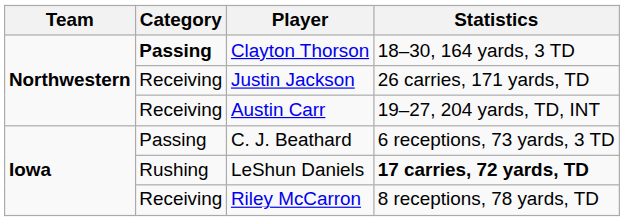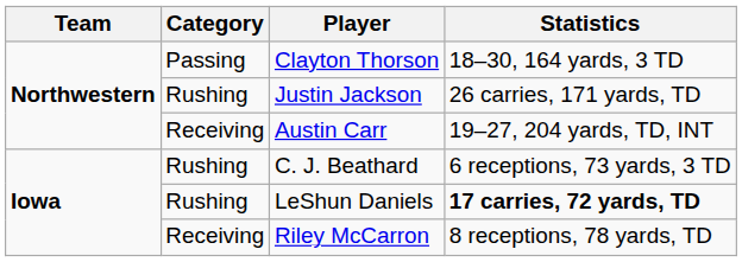 <table class="wikitable" style="float: left;">
 <tr>
 <th>Team</th>
 <th>Category</th>
 <th>Player</th>
 <th>Statistics</th>
 </tr>
 <tr>
 <td rowspan=3><strong>Northwestern</strong></td>
-<td><strong>Passing</strong></td>
+<td>Passing</td>
 <td><a href='#'>Clayton Thorson</a></td>
 <td>18–30, 164 yards, 3 TD</td>
 </tr>
 <tr>
-<td>Receiving</td>
+<td>Rushing</td>
 <td><a href='#'>Justin Jackson</a></td>
 <td>26 carries, 171 yards, TD</td>
 </tr>
 <tr>
 <td>Receiving</td>
 <td><a href='#'>Austin Carr</a></td>
 <td>19–27, 204 yards, TD, INT</td>
 </tr>
 <tr>
 <td rowspan=3><strong>Iowa</strong></td>
-<td>Passing</td>
+<td>Rushing</td>
 <td>C. J. Beathard</td>
 <td>6 receptions, 73 yards, 3 TD</td>
 </tr>
 <tr>
 <td>Rushing</td>
 <td>LeShun Daniels</td>
 <td><strong>17 carries, 72 yards, TD</strong></td>
 </tr>
 <tr>
 <td>Receiving</td>
 <td><a href='#'>Riley McCarron</a></td>
 <td>8 receptions, 78 yards, TD</td>
 </tr>
 </table>
